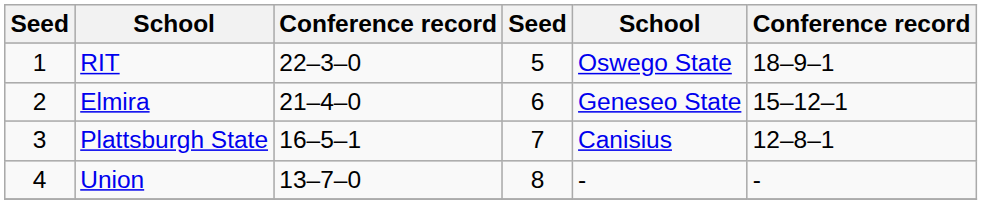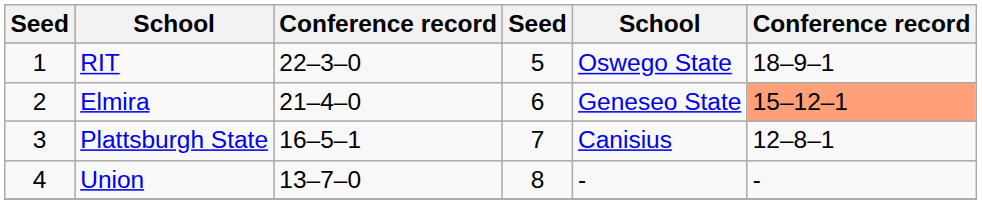 <table class="wikitable">
 <tr>
 <th>Seed</th>
 <th>School</th>
 <th>Conference record</th>
 <th>Seed</th>
 <th>School</th>
 <th>Conference record</th>
 </tr>
 <tr>
 <td align=center>1</td>
 <td><a href='#'>RIT</a></td>
 <td>22–3–0</td>
 <td align=center>5</td>
 <td><a href='#'>Oswego State</a></td>
 <td>18–9–1</td>
 </tr>
 <tr>
 <td align=center>2</td>
 <td><a href='#'>Elmira</a></td>
 <td>21–4–0</td>
 <td align=center>6</td>
 <td><a href='#'>Geneseo State</a></td>
-<td>15–12–1</td>
+<td style="background: lightsalmon;">15–12–1</td>
 </tr>
 <tr>
 <td align=center>3</td>
 <td><a href='#'>Plattsburgh State</a></td>
 <td>16–5–1</td>
 <td align=center>7</td>
 <td><a href='#'>Canisius</a></td>
 <td>12–8–1</td>
 </tr>
 <tr>
 <td align=center>4</td>
 <td><a href='#'>Union</a></td>
 <td>13–7–0</td>
 <td align=center>8</td>
 <td>-</td>
 <td>-</td>
 </tr>
 <tr>
 </tr>
 </table>
